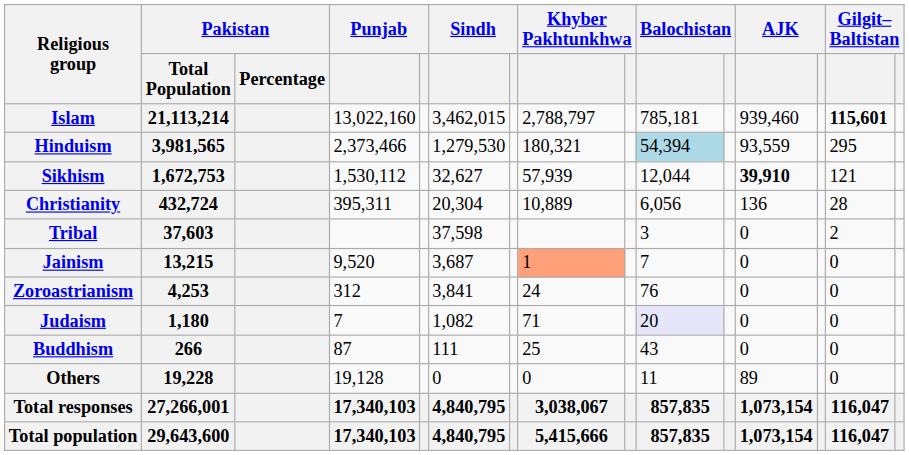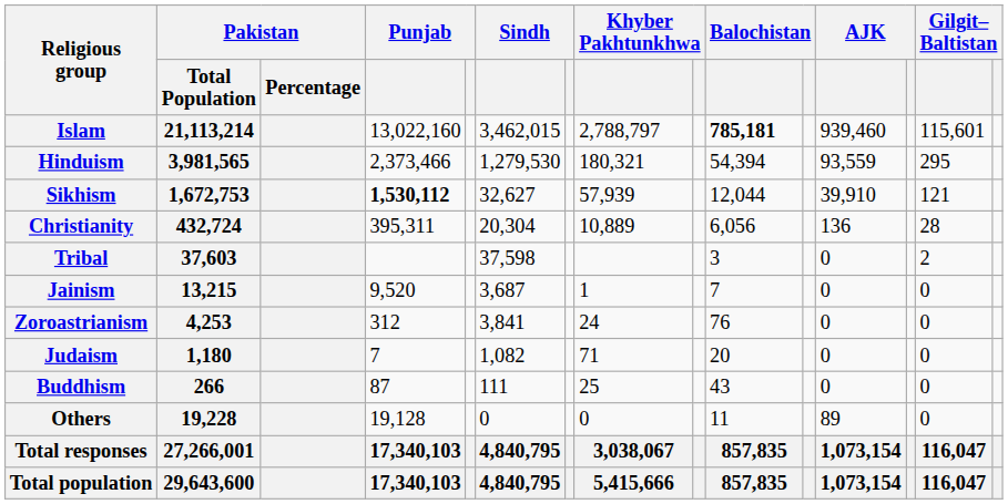 <table class="wikitable sortable">
 <tr>
 <th rowspan="2">Religious<br>group</th>
 <th colspan="2"><a href='#'>Pakistan</a></th>
 <th colspan="2"><a href='#'>Punjab</a></th>
 <th colspan="2"><a href='#'>Sindh</a></th>
 <th colspan="2"><a href='#'>Khyber<br>Pakhtunkhwa</a></th>
 <th colspan="2"><a href='#'>Balochistan</a></th>
 <th colspan="2"><a href='#'>AJK</a></th>
 <th colspan="2"><a href='#'>Gilgit–<br>Baltistan</a></th>
 </tr>
 <tr>
 <th>Total<br>Population</th>
 <th>Percentage</th>
 <th><a href='#'></a></th>
 <th></th>
 <th></th>
 <th></th>
 <th></th>
 <th></th>
 <th></th>
 <th></th>
 <th></th>
 <th></th>
 <th></th>
 <th></th>
 </tr>
 <tr>
 <th><a href='#'>Islam</a> </th>
 <th>21,113,214</th>
 <th></th>
 <td>13,022,160</td>
 <td></td>
 <td>3,462,015</td>
 <td></td>
 <td>2,788,797</td>
 <td></td>
-<td>785,181</td>
+<td><strong>785,181</strong></td>
 <td></td>
 <td>939,460</td>
 <td></td>
-<td><strong>115,601</strong></td>
+<td>115,601</td>
 <td></td>
 </tr>
 <tr>
 <th><a href='#'>Hinduism</a> </th>
 <th>3,981,565</th>
 <th></th>
 <td>2,373,466</td>
 <td></td>
 <td>1,279,530</td>
 <td></td>
 <td>180,321</td>
 <td></td>
-<td style="background: lightblue;">54,394</td>
+<td>54,394</td>
 <td></td>
 <td>93,559</td>
 <td></td>
 <td>295</td>
 <td></td>
 </tr>
 <tr>
 <th><a href='#'>Sikhism</a> </th>
 <th>1,672,753</th>
 <th></th>
-<td>1,530,112</td>
+<td><strong>1,530,112</strong></td>
 <td></td>
 <td>32,627</td>
 <td></td>
 <td>57,939</td>
 <td></td>
 <td>12,044</td>
 <td></td>
-<td><strong>39,910</strong></td>
+<td>39,910</td>
 <td></td>
 <td>121</td>
 <td></td>
 </tr>
 <tr>
 <th><a href='#'>Christianity</a> </th>
 <th>432,724</th>
 <th></th>
 <td>395,311</td>
 <td></td>
 <td>20,304</td>
 <td></td>
 <td>10,889</td>
 <td></td>
 <td>6,056</td>
 <td></td>
 <td>136</td>
 <td></td>
 <td>28</td>
 <td></td>
 </tr>
 <tr>
 <th><a href='#'>Tribal</a></th>
 <th>37,603</th>
 <th></th>
 <td></td>
 <td></td>
 <td>37,598</td>
 <td></td>
 <td></td>
 <td></td>
 <td>3</td>
 <td></td>
 <td>0</td>
 <td></td>
 <td>2</td>
 <td></td>
 </tr>
 <tr>
 <th><a href='#'>Jainism</a> </th>
 <th>13,215</th>
 <th></th>
 <td>9,520</td>
 <td></td>
 <td>3,687</td>
 <td></td>
-<td style="background: lightsalmon;">1</td>
+<td>1</td>
 <td></td>
 <td>7</td>
 <td></td>
 <td>0</td>
 <td></td>
 <td>0</td>
 <td></td>
 </tr>
 <tr>
 <th><a href='#'>Zoroastrianism</a> </th>
 <th>4,253</th>
 <th></th>
 <td>312</td>
 <td></td>
 <td>3,841</td>
 <td></td>
 <td>24</td>
 <td></td>
 <td>76</td>
 <td></td>
 <td>0</td>
 <td></td>
 <td>0</td>
 <td></td>
 </tr>
 <tr>
 <th><a href='#'>Judaism</a> </th>
 <th>1,180</th>
 <th></th>
 <td>7</td>
 <td></td>
 <td>1,082</td>
 <td></td>
 <td>71</td>
 <td></td>
-<td style="background: lavender;">20</td>
+<td>20</td>
 <td></td>
 <td>0</td>
 <td></td>
 <td>0</td>
 <td></td>
 </tr>
 <tr>
 <th><a href='#'>Buddhism</a> </th>
 <th>266</th>
 <th></th>
 <td>87</td>
 <td></td>
 <td>111</td>
 <td></td>
 <td>25</td>
 <td></td>
 <td>43</td>
 <td></td>
 <td>0</td>
 <td></td>
 <td>0</td>
 <td></td>
 </tr>
 <tr>
 <th>Others</th>
 <th>19,228</th>
 <th></th>
 <td>19,128</td>
 <td></td>
 <td>0</td>
 <td></td>
 <td>0</td>
 <td></td>
 <td>11</td>
 <td></td>
 <td>89</td>
 <td></td>
 <td>0</td>
 <td></td>
 </tr>
 <tr>
 <th>Total responses</th>
 <th>27,266,001</th>
 <th></th>
 <th>17,340,103</th>
 <th></th>
 <th>4,840,795</th>
 <th></th>
 <th>3,038,067</th>
 <th></th>
 <th>857,835</th>
 <th></th>
 <th>1,073,154</th>
 <th></th>
 <th>116,047</th>
 <th></th>
 </tr>
 <tr>
 <th>Total population</th>
 <th>29,643,600</th>
 <th></th>
 <th>17,340,103</th>
 <th></th>
 <th>4,840,795</th>
 <th></th>
 <th>5,415,666</th>
 <th></th>
 <th>857,835</th>
 <th></th>
 <th>1,073,154</th>
 <th></th>
 <th>116,047</th>
 <th></th>
 </tr>
 </table>
